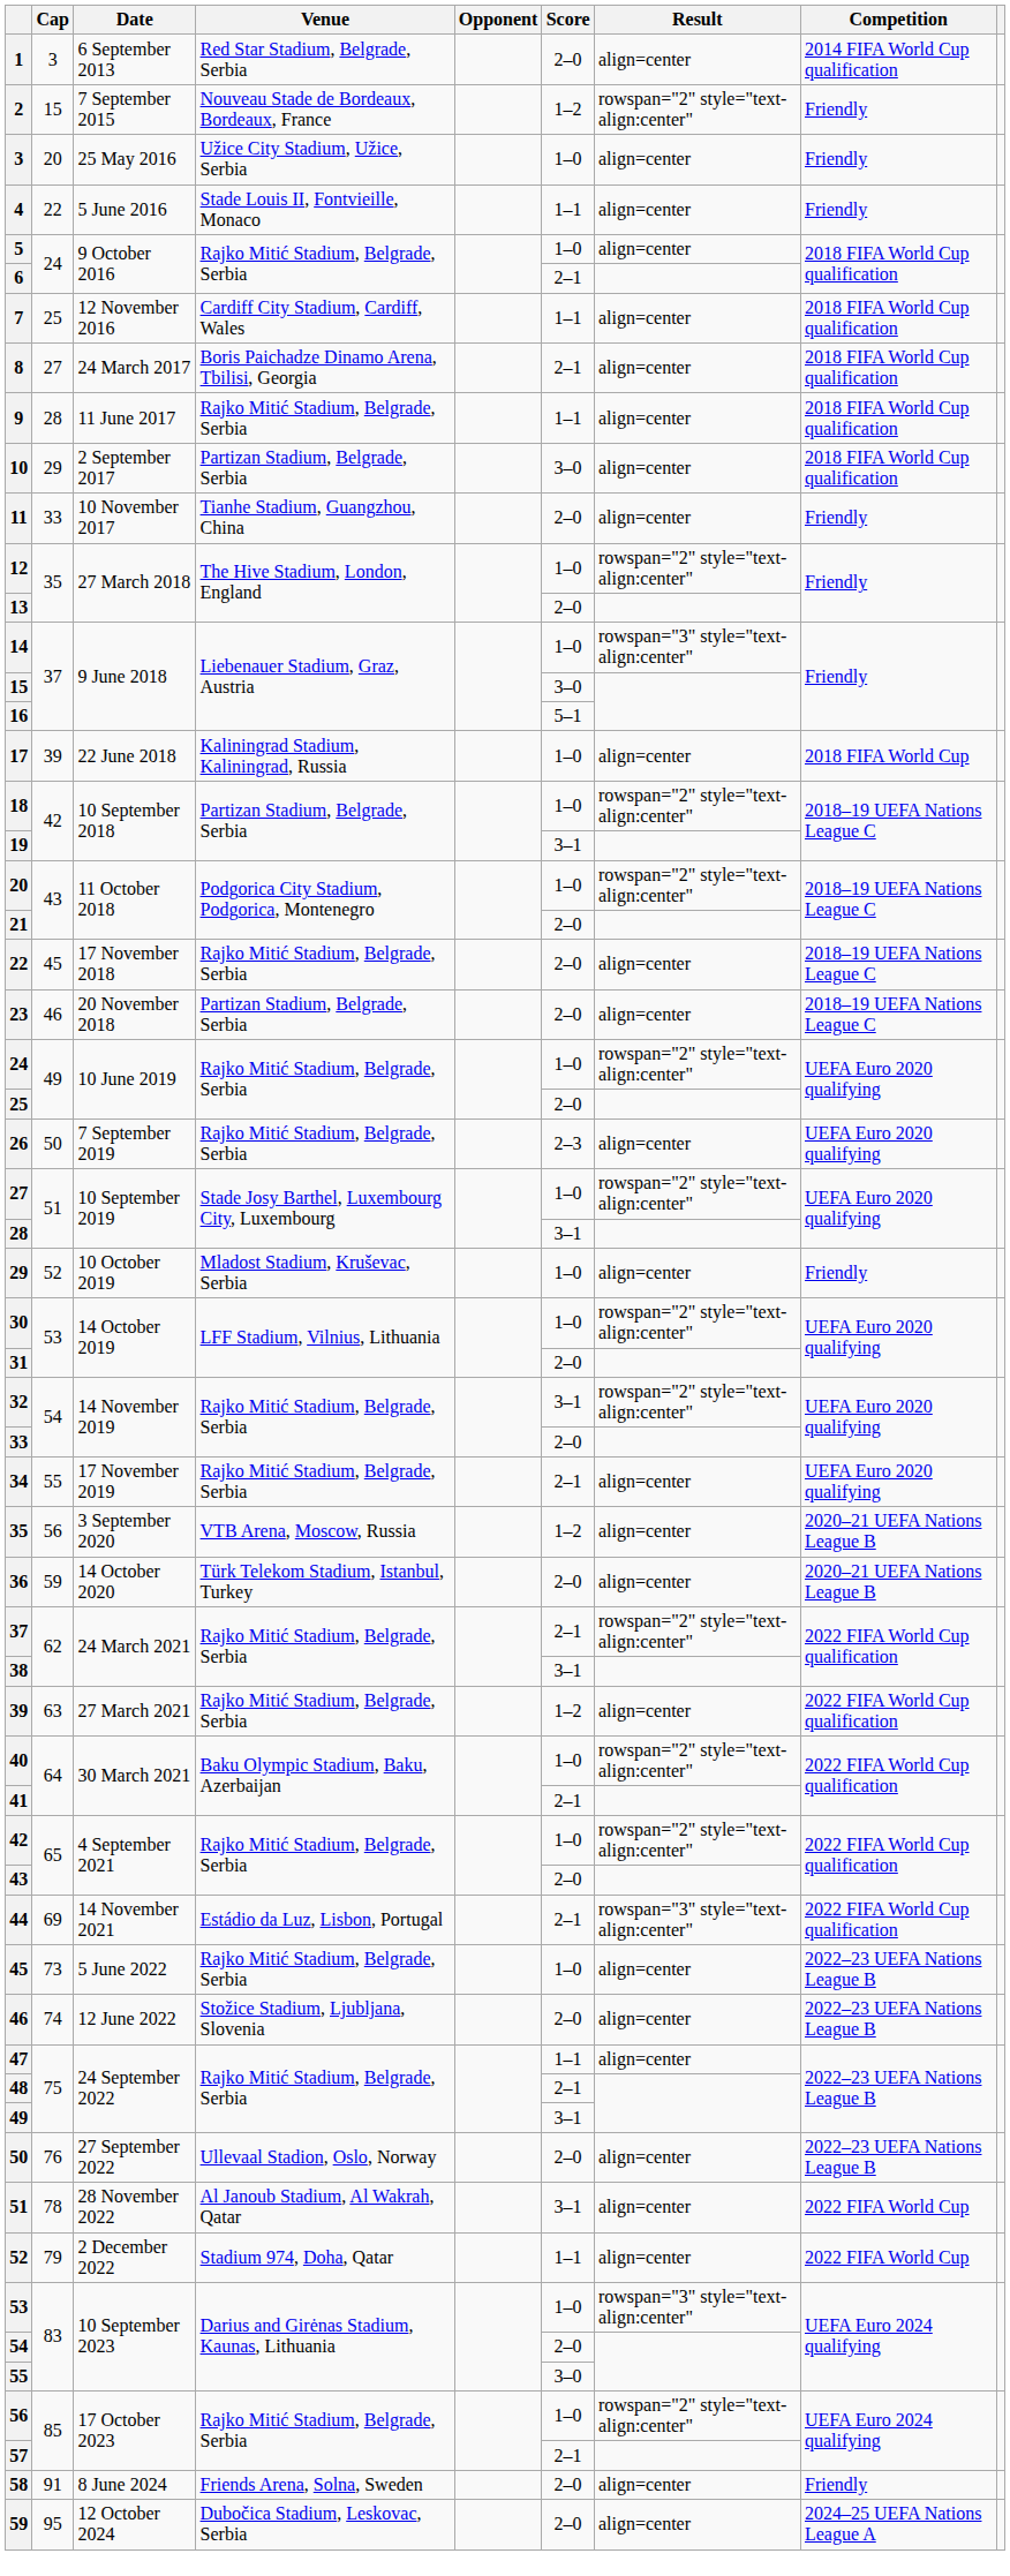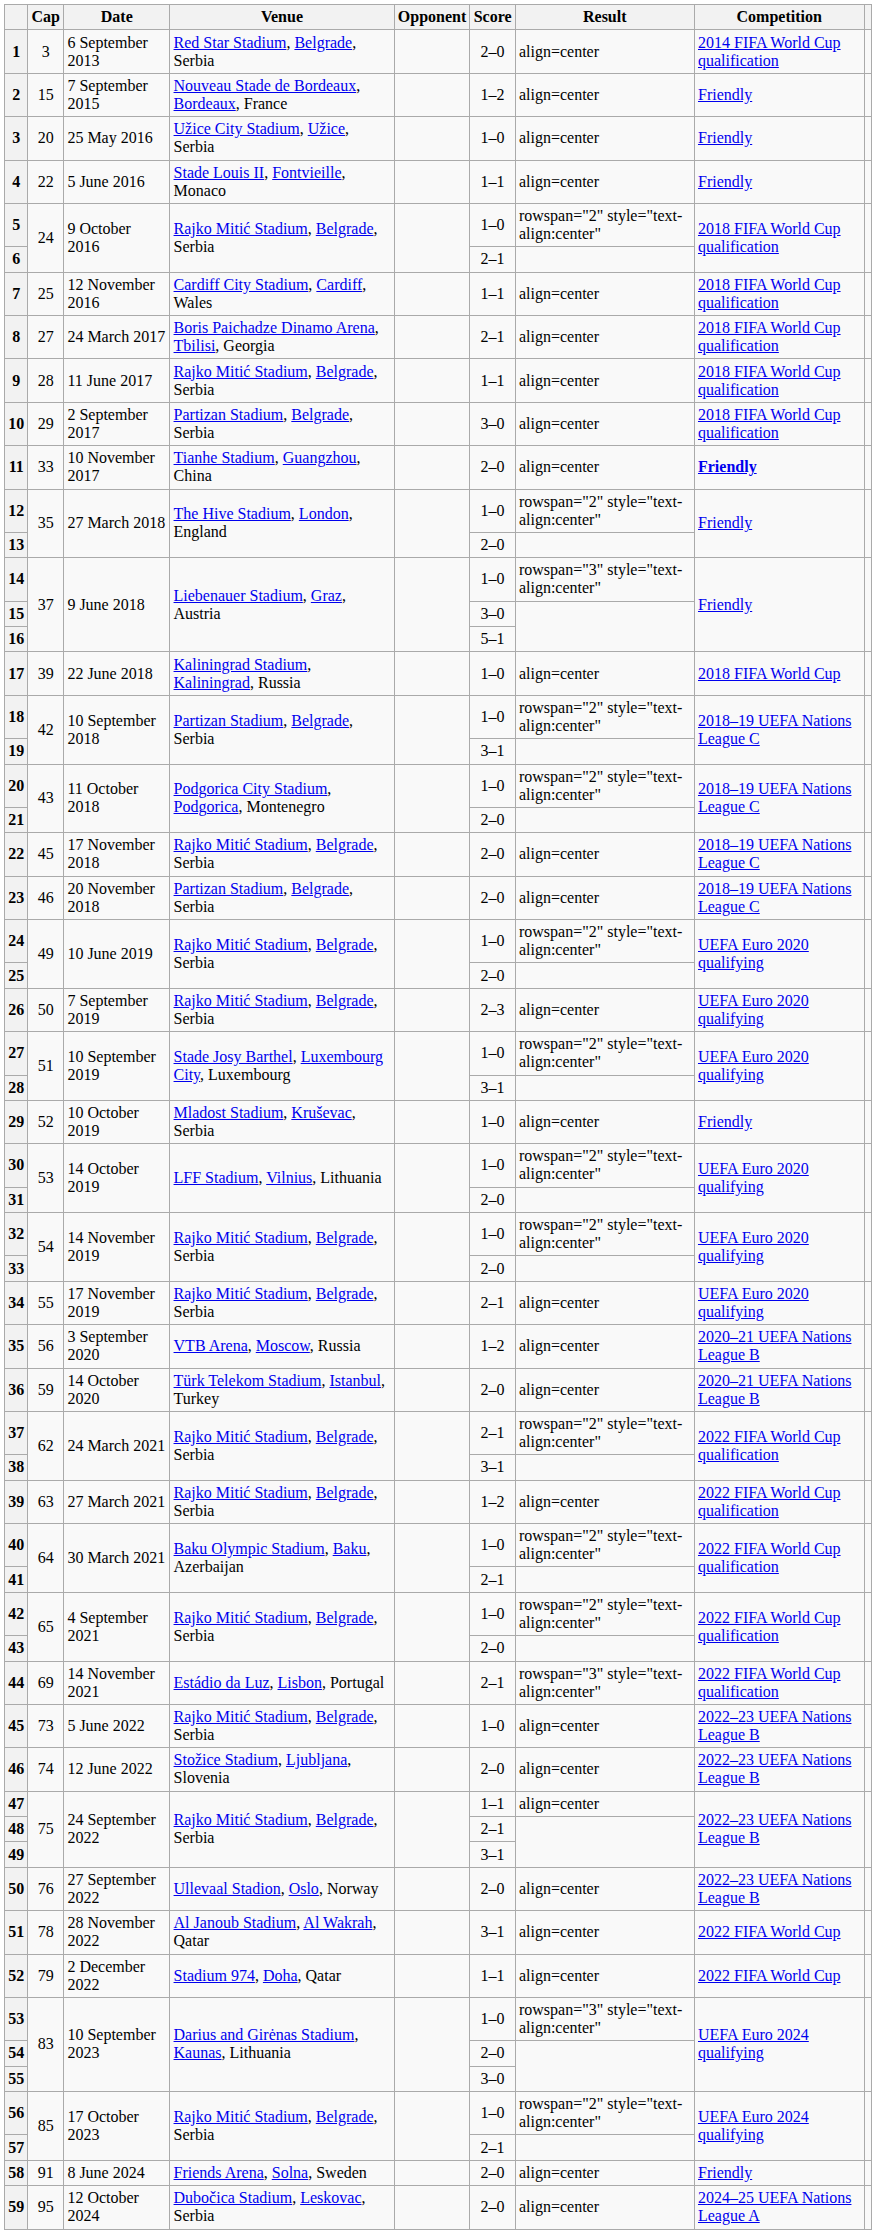 <table class="wikitable sortable">
 <tr>
 <th scope="col"></th>
 <th scope="col">Cap</th>
 <th scope="col">Date</th>
 <th scope="col">Venue</th>
 <th scope="col">Opponent</th>
 <th scope="col">Score</th>
 <th scope="col">Result</th>
 <th scope="col">Competition</th>
 <th scope="col" class="unsortable"></th>
 </tr>
 <tr>
 <th scope="row">1</th>
 <td align=center>3</td>
 <td>6 September 2013</td>
 <td><a href='#'>Red Star Stadium</a>, <a href='#'>Belgrade</a>, Serbia</td>
 <td></td>
 <td align=center>2–0</td>
 <td>align=center </td>
 <td><a href='#'>2014 FIFA World Cup qualification</a></td>
 <td></td>
 </tr>
 <tr>
 <th scope="row">2</th>
 <td align=center>15</td>
 <td>7 September 2015</td>
 <td><a href='#'>Nouveau Stade de Bordeaux</a>, <a href='#'>Bordeaux</a>, France</td>
 <td></td>
 <td align=center>1–2</td>
-<td>rowspan="2" style="text-align:center" </td>
+<td>align=center </td>
 <td><a href='#'>Friendly</a></td>
 <td></td>
 </tr>
 <tr>
 <th scope="row">3</th>
 <td align=center>20</td>
 <td>25 May 2016</td>
 <td><a href='#'>Užice City Stadium</a>, <a href='#'>Užice</a>, Serbia</td>
 <td></td>
 <td align=center>1–0</td>
 <td>align=center </td>
 <td><a href='#'>Friendly</a></td>
 <td></td>
 </tr>
 <tr>
 <th scope="row">4</th>
 <td align=center>22</td>
 <td>5 June 2016</td>
 <td><a href='#'>Stade Louis II</a>, <a href='#'>Fontvieille</a>, Monaco</td>
 <td></td>
 <td align=center>1–1</td>
 <td>align=center </td>
 <td><a href='#'>Friendly</a></td>
 <td></td>
 </tr>
 <tr>
 <th scope="row">5</th>
 <td rowspan="2" align=center>24</td>
 <td rowspan="2">9 October 2016</td>
 <td rowspan="2"><a href='#'>Rajko Mitić Stadium</a>, <a href='#'>Belgrade</a>, Serbia</td>
 <td rowspan="2"></td>
 <td align=center>1–0</td>
-<td>align=center </td>
+<td>rowspan="2" style="text-align:center" </td>
 <td rowspan="2"><a href='#'>2018 FIFA World Cup qualification</a></td>
 <td rowspan="2"></td>
 </tr>
 <tr>
 <th scope="row">6</th>
 <td align=center>2–1</td>
 </tr>
 <tr>
 <th scope="row">7</th>
 <td align=center>25</td>
 <td>12 November 2016</td>
 <td><a href='#'>Cardiff City Stadium</a>, <a href='#'>Cardiff</a>, Wales</td>
 <td></td>
 <td align=center>1–1</td>
 <td>align=center </td>
 <td><a href='#'>2018 FIFA World Cup qualification</a></td>
 <td></td>
 </tr>
 <tr>
 <th scope="row">8</th>
 <td align=center>27</td>
 <td>24 March 2017</td>
 <td><a href='#'>Boris Paichadze Dinamo Arena</a>, <a href='#'>Tbilisi</a>, Georgia</td>
 <td></td>
 <td align=center>2–1</td>
 <td>align=center </td>
 <td><a href='#'>2018 FIFA World Cup qualification</a></td>
 <td></td>
 </tr>
 <tr>
 <th scope="row">9</th>
 <td align=center>28</td>
 <td>11 June 2017</td>
 <td><a href='#'>Rajko Mitić Stadium</a>, <a href='#'>Belgrade</a>, Serbia</td>
 <td></td>
 <td align=center>1–1</td>
 <td>align=center </td>
 <td><a href='#'>2018 FIFA World Cup qualification</a></td>
 <td></td>
 </tr>
 <tr>
 <th scope="row">10</th>
 <td align=center>29</td>
 <td>2 September 2017</td>
 <td><a href='#'>Partizan Stadium</a>, <a href='#'>Belgrade</a>, Serbia</td>
 <td></td>
 <td align=center>3–0</td>
 <td>align=center </td>
 <td><a href='#'>2018 FIFA World Cup qualification</a></td>
 <td></td>
 </tr>
 <tr>
 <th scope="row">11</th>
 <td align=center>33</td>
 <td>10 November 2017</td>
 <td><a href='#'>Tianhe Stadium</a>, <a href='#'>Guangzhou</a>, China</td>
 <td></td>
 <td align=center>2–0</td>
 <td>align=center </td>
-<td><a href='#'>Friendly</a></td>
+<td><strong><a href='#'>Friendly</a></strong></td>
 <td></td>
 </tr>
 <tr>
 <th scope="row">12</th>
 <td rowspan="2" align=center>35</td>
 <td rowspan="2">27 March 2018</td>
 <td rowspan="2"><a href='#'>The Hive Stadium</a>, <a href='#'>London</a>, England</td>
 <td rowspan="2"></td>
 <td align=center>1–0</td>
 <td>rowspan="2" style="text-align:center" </td>
 <td rowspan="2"><a href='#'>Friendly</a></td>
 <td rowspan="2"></td>
 </tr>
 <tr>
 <th scope="row">13</th>
 <td align=center>2–0</td>
 </tr>
 <tr>
 <th scope="row">14</th>
 <td rowspan=3 align=center>37</td>
 <td rowspan=3>9 June 2018</td>
 <td rowspan=3><a href='#'>Liebenauer Stadium</a>, <a href='#'>Graz</a>, Austria</td>
 <td rowspan="3"></td>
 <td align=center>1–0</td>
 <td>rowspan="3" style="text-align:center" </td>
 <td rowspan=3><a href='#'>Friendly</a></td>
 <td rowspan="3"></td>
 </tr>
 <tr>
 <th scope="row">15</th>
 <td align="center">3–0</td>
 </tr>
 <tr>
 <th scope="row">16</th>
 <td align="center">5–1</td>
 </tr>
 <tr>
 <th scope="row">17</th>
 <td align=center>39</td>
 <td>22 June 2018</td>
 <td><a href='#'>Kaliningrad Stadium</a>, <a href='#'>Kaliningrad</a>, Russia</td>
 <td></td>
 <td align=center>1–0</td>
 <td>align=center </td>
 <td><a href='#'>2018 FIFA World Cup</a></td>
 <td></td>
 </tr>
 <tr>
 <th scope="row">18</th>
 <td rowspan="2" align=center>42</td>
 <td rowspan="2">10 September 2018</td>
 <td rowspan="2"><a href='#'>Partizan Stadium</a>, <a href='#'>Belgrade</a>, Serbia</td>
 <td rowspan="2"></td>
 <td align=center>1–0</td>
 <td>rowspan="2" style="text-align:center" </td>
 <td rowspan="2"><a href='#'>2018–19 UEFA Nations League C</a></td>
 <td rowspan="2"></td>
 </tr>
 <tr>
 <th scope="row">19</th>
 <td align=center>3–1</td>
 </tr>
 <tr>
 <th scope="row">20</th>
 <td rowspan="2" align=center>43</td>
 <td rowspan="2">11 October 2018</td>
 <td rowspan="2"><a href='#'>Podgorica City Stadium</a>, <a href='#'>Podgorica</a>, Montenegro</td>
 <td rowspan="2"></td>
 <td align=center>1–0</td>
 <td>rowspan="2" style="text-align:center" </td>
 <td rowspan="2"><a href='#'>2018–19 UEFA Nations League C</a></td>
 <td rowspan="2"></td>
 </tr>
 <tr>
 <th scope="row">21</th>
 <td align=center>2–0</td>
 </tr>
 <tr>
 <th scope="row">22</th>
 <td align=center>45</td>
 <td>17 November 2018</td>
 <td><a href='#'>Rajko Mitić Stadium</a>, <a href='#'>Belgrade</a>, Serbia</td>
 <td></td>
 <td align=center>2–0</td>
 <td>align=center </td>
 <td><a href='#'>2018–19 UEFA Nations League C</a></td>
 <td></td>
 </tr>
 <tr>
 <th scope="row">23</th>
 <td align=center>46</td>
 <td>20 November 2018</td>
 <td><a href='#'>Partizan Stadium</a>, <a href='#'>Belgrade</a>, Serbia</td>
 <td></td>
 <td align=center>2–0</td>
 <td>align=center </td>
 <td><a href='#'>2018–19 UEFA Nations League C</a></td>
 <td></td>
 </tr>
 <tr>
 <th scope="row">24</th>
 <td rowspan="2" align=center>49</td>
 <td rowspan="2">10 June 2019</td>
 <td rowspan="2"><a href='#'>Rajko Mitić Stadium</a>, <a href='#'>Belgrade</a>, Serbia</td>
 <td rowspan="2"></td>
 <td align=center>1–0</td>
 <td>rowspan="2" style="text-align:center" </td>
 <td rowspan="2"><a href='#'>UEFA Euro 2020 qualifying</a></td>
 <td rowspan="2"></td>
 </tr>
 <tr>
 <th scope="row">25</th>
 <td align=center>2–0</td>
 </tr>
 <tr>
 <th scope="row">26</th>
 <td align=center>50</td>
 <td>7 September 2019</td>
 <td><a href='#'>Rajko Mitić Stadium</a>, <a href='#'>Belgrade</a>, Serbia</td>
 <td></td>
 <td align=center>2–3</td>
 <td>align=center </td>
 <td><a href='#'>UEFA Euro 2020 qualifying</a></td>
 <td></td>
 </tr>
 <tr>
 <th scope="row">27</th>
 <td rowspan="2" align=center>51</td>
 <td rowspan="2">10 September 2019</td>
 <td rowspan="2"><a href='#'>Stade Josy Barthel</a>, <a href='#'>Luxembourg City</a>, Luxembourg</td>
 <td rowspan="2"></td>
 <td align=center>1–0</td>
 <td>rowspan="2" style="text-align:center" </td>
 <td rowspan="2"><a href='#'>UEFA Euro 2020 qualifying</a></td>
 <td rowspan="2"></td>
 </tr>
 <tr>
 <th scope="row">28</th>
 <td align=center>3–1</td>
 </tr>
 <tr>
 <th scope="row">29</th>
 <td align=center>52</td>
 <td>10 October 2019</td>
 <td><a href='#'>Mladost Stadium</a>, <a href='#'>Kruševac</a>, Serbia</td>
 <td></td>
 <td align=center>1–0</td>
 <td>align=center </td>
 <td><a href='#'>Friendly</a></td>
 <td></td>
 </tr>
 <tr>
 <th scope="row">30</th>
 <td rowspan="2" align=center>53</td>
 <td rowspan="2">14 October 2019</td>
 <td rowspan="2"><a href='#'>LFF Stadium</a>, <a href='#'>Vilnius</a>, Lithuania</td>
 <td rowspan="2"></td>
 <td align=center>1–0</td>
 <td>rowspan="2" style="text-align:center" </td>
 <td rowspan="2"><a href='#'>UEFA Euro 2020 qualifying</a></td>
 <td rowspan="2"></td>
 </tr>
 <tr>
 <th scope="row">31</th>
 <td align=center>2–0</td>
 </tr>
 <tr>
 <th scope="row">32</th>
 <td rowspan="2" align=center>54</td>
 <td rowspan="2">14 November 2019</td>
 <td rowspan="2"><a href='#'>Rajko Mitić Stadium</a>, <a href='#'>Belgrade</a>, Serbia</td>
 <td rowspan="2"></td>
-<td align="center">3–1</td>
+<td align=center>1–0</td>
 <td>rowspan="2" style="text-align:center" </td>
 <td rowspan="2"><a href='#'>UEFA Euro 2020 qualifying</a></td>
 <td rowspan="2"></td>
 </tr>
 <tr>
 <th scope="row">33</th>
 <td align=center>2–0</td>
 </tr>
 <tr>
 <th scope="row">34</th>
 <td align=center>55</td>
 <td>17 November 2019</td>
 <td><a href='#'>Rajko Mitić Stadium</a>, <a href='#'>Belgrade</a>, Serbia</td>
 <td></td>
 <td align=center>2–1</td>
 <td>align=center </td>
 <td><a href='#'>UEFA Euro 2020 qualifying</a></td>
 <td></td>
 </tr>
 <tr>
 <th scope="row">35</th>
 <td align=center>56</td>
 <td>3 September 2020</td>
 <td><a href='#'>VTB Arena</a>, <a href='#'>Moscow</a>, Russia</td>
 <td></td>
 <td align=center>1–2</td>
 <td>align=center </td>
 <td><a href='#'>2020–21 UEFA Nations League B</a></td>
 <td></td>
 </tr>
 <tr>
 <th scope="row">36</th>
 <td align=center>59</td>
 <td>14 October 2020</td>
 <td><a href='#'>Türk Telekom Stadium</a>, <a href='#'>Istanbul</a>, Turkey</td>
 <td></td>
 <td align=center>2–0</td>
 <td>align=center </td>
 <td><a href='#'>2020–21 UEFA Nations League B</a></td>
 <td></td>
 </tr>
 <tr>
 <th scope="row">37</th>
 <td rowspan="2" align=center>62</td>
 <td rowspan="2">24 March 2021</td>
 <td rowspan="2"><a href='#'>Rajko Mitić Stadium</a>, <a href='#'>Belgrade</a>, Serbia</td>
 <td rowspan="2"></td>
 <td align=center>2–1</td>
 <td>rowspan="2" style="text-align:center" </td>
 <td rowspan="2"><a href='#'>2022 FIFA World Cup qualification</a></td>
 <td rowspan="2"></td>
 </tr>
 <tr>
 <th scope="row">38</th>
 <td align=center>3–1</td>
 </tr>
 <tr>
 <th scope="row">39</th>
 <td align=center>63</td>
 <td>27 March 2021</td>
 <td><a href='#'>Rajko Mitić Stadium</a>, <a href='#'>Belgrade</a>, Serbia</td>
 <td></td>
 <td align=center>1–2</td>
 <td>align=center </td>
 <td><a href='#'>2022 FIFA World Cup qualification</a></td>
 <td></td>
 </tr>
 <tr>
 <th scope="row">40</th>
 <td rowspan="2" align=center>64</td>
 <td rowspan="2">30 March 2021</td>
 <td rowspan="2"><a href='#'>Baku Olympic Stadium</a>, <a href='#'>Baku</a>, Azerbaijan</td>
 <td rowspan="2"></td>
 <td align=center>1–0</td>
 <td>rowspan="2" style="text-align:center" </td>
 <td rowspan="2"><a href='#'>2022 FIFA World Cup qualification</a></td>
 <td rowspan="2"></td>
 </tr>
 <tr>
 <th scope="row">41</th>
 <td align=center>2–1</td>
 </tr>
 <tr>
 <th scope="row">42</th>
 <td rowspan="2" align=center>65</td>
 <td rowspan="2">4 September 2021</td>
 <td rowspan="2"><a href='#'>Rajko Mitić Stadium</a>, <a href='#'>Belgrade</a>, Serbia</td>
 <td rowspan="2"></td>
 <td align=center>1–0</td>
 <td>rowspan="2" style="text-align:center" </td>
 <td rowspan="2"><a href='#'>2022 FIFA World Cup qualification</a></td>
 <td rowspan="2"></td>
 </tr>
 <tr>
 <th scope="row">43</th>
 <td align=center>2–0</td>
 </tr>
 <tr>
 <th scope="row">44</th>
 <td align=center>69</td>
 <td>14 November 2021</td>
 <td><a href='#'>Estádio da Luz</a>, <a href='#'>Lisbon</a>, Portugal</td>
 <td></td>
 <td align=center>2–1</td>
 <td>rowspan="3" style="text-align:center" </td>
 <td><a href='#'>2022 FIFA World Cup qualification</a></td>
 <td></td>
 </tr>
 <tr>
 <th scope="row">45</th>
 <td align=center>73</td>
 <td>5 June 2022</td>
 <td><a href='#'>Rajko Mitić Stadium</a>, <a href='#'>Belgrade</a>, Serbia</td>
 <td></td>
 <td align=center>1–0</td>
 <td>align=center </td>
 <td><a href='#'>2022–23 UEFA Nations League B</a></td>
 <td></td>
 </tr>
 <tr>
 <th scope="row">46</th>
 <td align=center>74</td>
 <td>12 June 2022</td>
 <td><a href='#'>Stožice Stadium</a>, <a href='#'>Ljubljana</a>, Slovenia</td>
 <td></td>
 <td align=center>2–0</td>
 <td>align=center </td>
 <td><a href='#'>2022–23 UEFA Nations League B</a></td>
 <td></td>
 </tr>
 <tr>
 <th scope="row">47</th>
 <td rowspan=3 align=center>75</td>
 <td rowspan=3>24 September 2022</td>
 <td rowspan=3><a href='#'>Rajko Mitić Stadium</a>, <a href='#'>Belgrade</a>, Serbia</td>
 <td rowspan="3"></td>
 <td align=center>1–1</td>
 <td>align=center </td>
 <td rowspan=3><a href='#'>2022–23 UEFA Nations League B</a></td>
 <td rowspan="3"></td>
 </tr>
 <tr>
 <th scope="row">48</th>
 <td align="center">2–1</td>
 </tr>
 <tr>
 <th scope="row">49</th>
 <td align="center">3–1</td>
 </tr>
 <tr>
 <th scope="row">50</th>
 <td align=center>76</td>
 <td>27 September 2022</td>
 <td><a href='#'>Ullevaal Stadion</a>, <a href='#'>Oslo</a>, Norway</td>
 <td></td>
 <td align=center>2–0</td>
 <td>align=center </td>
 <td><a href='#'>2022–23 UEFA Nations League B</a></td>
 <td></td>
 </tr>
 <tr>
 <th scope="row">51</th>
 <td align=center>78</td>
 <td>28 November 2022</td>
 <td><a href='#'>Al Janoub Stadium</a>, <a href='#'>Al Wakrah</a>, Qatar</td>
 <td></td>
 <td align=center>3–1</td>
 <td>align=center </td>
 <td><a href='#'>2022 FIFA World Cup</a></td>
 <td></td>
 </tr>
 <tr>
 <th scope="row">52</th>
 <td align=center>79</td>
 <td>2 December 2022</td>
 <td><a href='#'>Stadium 974</a>, <a href='#'>Doha</a>, Qatar</td>
 <td></td>
 <td align=center>1–1</td>
 <td>align=center </td>
 <td><a href='#'>2022 FIFA World Cup</a></td>
 <td></td>
 </tr>
 <tr>
 <th scope="row">53</th>
 <td rowspan=3 align=center>83</td>
 <td rowspan=3>10 September 2023</td>
 <td rowspan=3><a href='#'>Darius and Girėnas Stadium</a>, <a href='#'>Kaunas</a>, Lithuania</td>
 <td rowspan="3"></td>
 <td align=center>1–0</td>
 <td>rowspan="3" style="text-align:center" </td>
 <td rowspan=3><a href='#'>UEFA Euro 2024 qualifying</a></td>
 <td rowspan="3"></td>
 </tr>
 <tr>
 <th scope="row">54</th>
 <td align="center">2–0</td>
 </tr>
 <tr>
 <th scope="row">55</th>
 <td align="center">3–0</td>
 </tr>
 <tr>
 <th scope="row">56</th>
 <td rowspan="2" align=center>85</td>
 <td rowspan="2">17 October 2023</td>
 <td rowspan="2"><a href='#'>Rajko Mitić Stadium</a>, <a href='#'>Belgrade</a>, Serbia</td>
 <td rowspan="2"></td>
 <td align=center>1–0</td>
 <td>rowspan="2" style="text-align:center" </td>
 <td rowspan="2"><a href='#'>UEFA Euro 2024 qualifying</a></td>
 <td rowspan="2"></td>
 </tr>
 <tr>
 <th scope="row">57</th>
 <td align=center>2–1</td>
 </tr>
 <tr>
 <th scope="row">58</th>
 <td align=center>91</td>
 <td>8 June 2024</td>
 <td><a href='#'>Friends Arena</a>, <a href='#'>Solna</a>, Sweden</td>
 <td></td>
 <td align=center>2–0</td>
 <td>align=center </td>
 <td><a href='#'>Friendly</a></td>
 <td></td>
 </tr>
 <tr>
 <th scope="row">59</th>
 <td align=center>95</td>
 <td>12 October 2024</td>
 <td><a href='#'>Dubočica Stadium</a>, <a href='#'>Leskovac</a>, Serbia</td>
 <td></td>
 <td align=center>2–0</td>
 <td>align=center </td>
 <td><a href='#'>2024–25 UEFA Nations League A</a></td>
 <td></td>
 </tr>
 </table>
